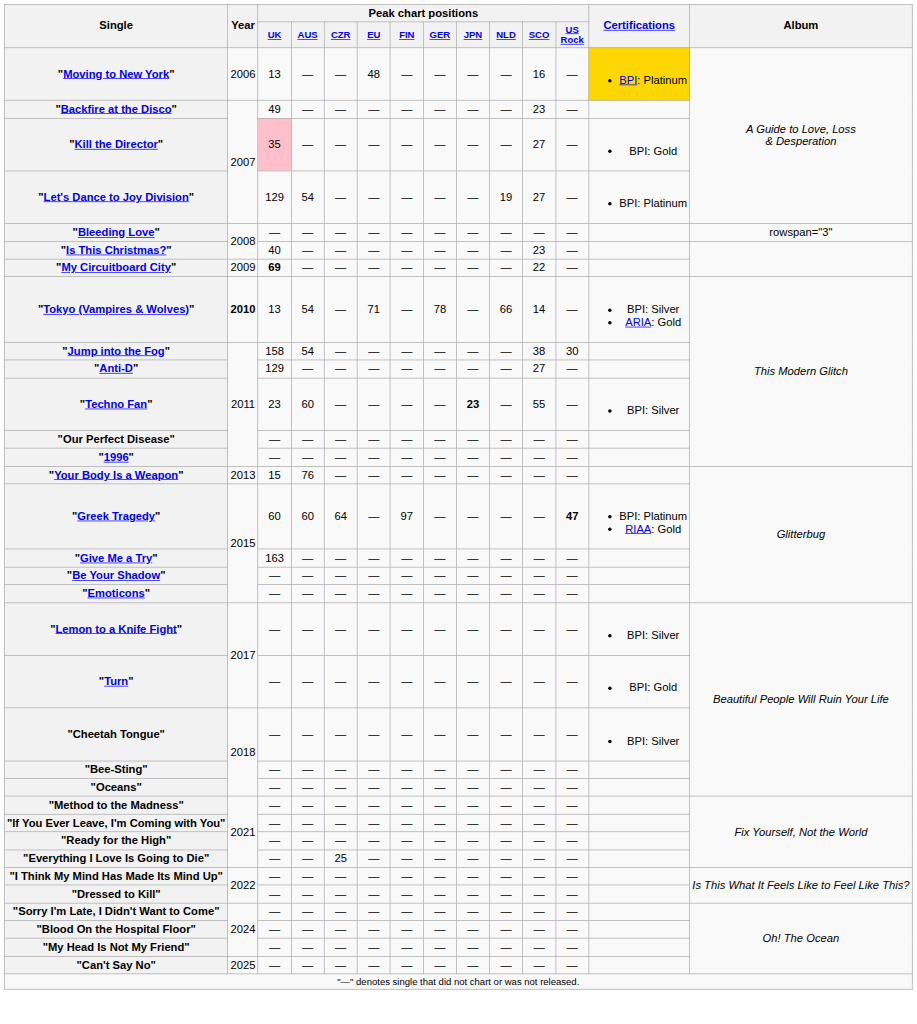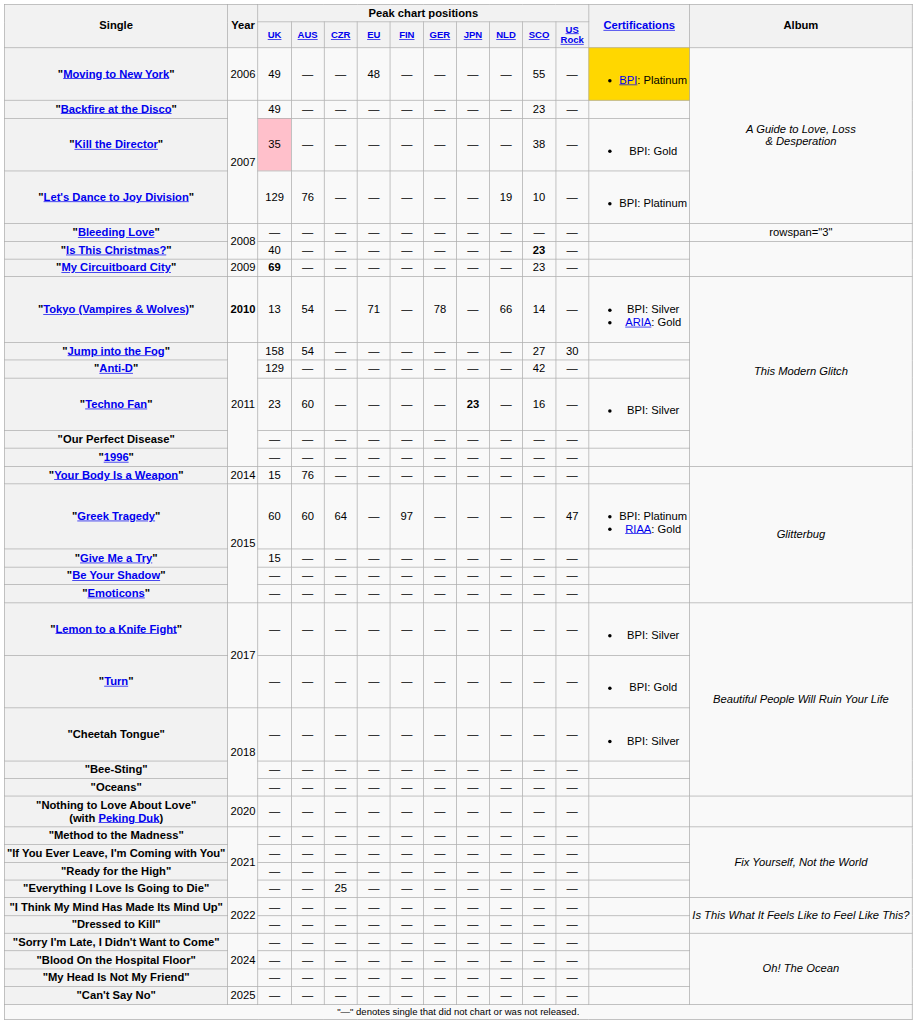 <table class="wikitable plainrowheaders" style="text-align:center;">
 <tr>
 <th scope="col" rowspan="2">Single</th>
 <th scope="col" rowspan="2">Year</th>
 <th scope="col" colspan="10">Peak chart positions</th>
 <th scope="col" rowspan="2"><a href='#'>Certifications</a></th>
 <th scope="col" rowspan="2">Album</th>
 </tr>
 <tr>
 <th scope="col" style="width:3em;font-size:85%;"><a href='#'>UK</a><br></th>
 <th scope="col" style="width:3em;font-size:85%;"><a href='#'>AUS</a><br></th>
 <th scope="col" style="width:3em;font-size:85%;"><a href='#'>CZR</a><br></th>
 <th scope="col" style="width:3em;font-size:85%;"><a href='#'>EU</a><br></th>
 <th scope="col" style="width:3em;font-size:85%;"><a href='#'>FIN</a><br></th>
 <th scope="col" style="width:3em;font-size:85%;"><a href='#'>GER</a><br></th>
 <th scope="col" style="width:3em;font-size:85%;"><a href='#'>JPN</a><br></th>
 <th scope="col" style="width:3em;font-size:85%;"><a href='#'>NLD</a><br></th>
 <th scope="col" style="width:3em;font-size:85%;"><a href='#'>SCO</a><br></th>
 <th scope="col" style="width:3em;font-size:85%;"><a href='#'>US Rock</a><br></th>
 </tr>
 <tr>
 <th scope="row">"<a href='#'>Moving to New York</a>"</th>
 <td>2006</td>
-<td>13</td>
+<td>49</td>
 <td>—</td>
 <td>—</td>
 <td>48</td>
 <td>—</td>
 <td>—</td>
 <td>—</td>
 <td>—</td>
-<td>16</td>
+<td>55</td>
 <td>—</td>
 <td style="background: gold;"><br><ul><li><a href='#'>BPI</a>: Platinum</li></ul></td>
 <td rowspan="4"><em>A Guide to Love, Loss<br>& Desperation</em></td>
 </tr>
 <tr>
 <th scope="row">"<a href='#'>Backfire at the Disco</a>"</th>
 <td rowspan="3">2007</td>
 <td>49</td>
 <td>—</td>
 <td>—</td>
 <td>—</td>
 <td>—</td>
 <td>—</td>
 <td>—</td>
 <td>—</td>
 <td>23</td>
 <td>—</td>
 <td></td>
 </tr>
 <tr>
 <th scope="row">"<a href='#'>Kill the Director</a>"</th>
 <td style="background: pink;">35</td>
 <td>—</td>
 <td>—</td>
 <td>—</td>
 <td>—</td>
 <td>—</td>
 <td>—</td>
 <td>—</td>
-<td>27</td>
+<td>38</td>
 <td>—</td>
 <td><br><ul><li>BPI: Gold</li></ul></td>
 </tr>
 <tr>
 <th scope="row">"<a href='#'>Let's Dance to Joy Division</a>"</th>
 <td>129</td>
-<td>54</td>
+<td>76</td>
 <td>—</td>
 <td>—</td>
 <td>—</td>
 <td>—</td>
 <td>—</td>
 <td>19</td>
-<td>27</td>
+<td>10</td>
 <td>—</td>
 <td><br><ul><li>BPI: Platinum</li></ul></td>
 </tr>
 <tr>
 <th scope="row">"<a href='#'>Bleeding Love</a>"</th>
 <td rowspan="2">2008</td>
 <td>—</td>
 <td>—</td>
 <td>—</td>
 <td>—</td>
 <td>—</td>
 <td>—</td>
 <td>—</td>
 <td>—</td>
 <td>—</td>
 <td>—</td>
 <td></td>
 <td>rowspan="3" </td>
 </tr>
 <tr>
 <th scope="row">"<a href='#'>Is This Christmas?</a>"</th>
 <td>40</td>
 <td>—</td>
 <td>—</td>
 <td>—</td>
 <td>—</td>
 <td>—</td>
 <td>—</td>
 <td>—</td>
-<td>23</td>
+<td><strong>23</strong></td>
 <td>—</td>
 <td></td>
 </tr>
 <tr>
 <th scope="row">"<a href='#'>My Circuitboard City</a>"</th>
 <td>2009</td>
 <td><strong>69</strong></td>
 <td>—</td>
 <td>—</td>
 <td>—</td>
 <td>—</td>
 <td>—</td>
 <td>—</td>
 <td>—</td>
-<td>22</td>
+<td>23</td>
 <td>—</td>
 <td></td>
 </tr>
 <tr>
 <th scope="row">"<a href='#'>Tokyo (Vampires & Wolves)</a>"</th>
 <td><strong>2010</strong></td>
 <td>13</td>
 <td>54</td>
 <td>—</td>
 <td>71</td>
 <td>—</td>
 <td>78</td>
 <td>—</td>
 <td>66</td>
 <td>14</td>
 <td>—</td>
 <td><br><ul><li>BPI: Silver</li><li><a href='#'>ARIA</a>: Gold</li></ul></td>
 <td rowspan="6"><em>This Modern Glitch</em></td>
 </tr>
 <tr>
 <th scope="row">"<a href='#'>Jump into the Fog</a>"</th>
 <td rowspan="5">2011</td>
 <td>158</td>
 <td>54</td>
 <td>—</td>
 <td>—</td>
 <td>—</td>
 <td>—</td>
 <td>—</td>
 <td>—</td>
-<td>38</td>
+<td>27</td>
 <td>30</td>
 <td></td>
 </tr>
 <tr>
 <th scope="row">"<a href='#'>Anti-D</a>"</th>
 <td>129</td>
 <td>—</td>
 <td>—</td>
 <td>—</td>
 <td>—</td>
 <td>—</td>
 <td>—</td>
 <td>—</td>
-<td>27</td>
+<td>42</td>
 <td>—</td>
 <td></td>
 </tr>
 <tr>
 <th scope="row">"<a href='#'>Techno Fan</a>"</th>
 <td>23</td>
 <td>60</td>
 <td>—</td>
 <td>—</td>
 <td>—</td>
 <td>—</td>
 <td><strong>23</strong></td>
 <td>—</td>
-<td>55</td>
+<td>16</td>
 <td>—</td>
 <td><br><ul><li>BPI: Silver</li></ul></td>
 </tr>
 <tr>
 <th scope="row">"Our Perfect Disease"</th>
 <td>—</td>
 <td>—</td>
 <td>—</td>
 <td>—</td>
 <td>—</td>
 <td>—</td>
 <td>—</td>
 <td>—</td>
 <td>—</td>
 <td>—</td>
 <td></td>
 </tr>
 <tr>
 <th scope="row">"<a href='#'>1996</a>"</th>
 <td>—</td>
 <td>—</td>
 <td>—</td>
 <td>—</td>
 <td>—</td>
 <td>—</td>
 <td>—</td>
 <td>—</td>
 <td>—</td>
 <td>—</td>
 <td></td>
 </tr>
 <tr>
 <th scope="row">"<a href='#'>Your Body Is a Weapon</a>"</th>
-<td>2013</td>
+<td>2014</td>
 <td>15</td>
 <td>76</td>
 <td>—</td>
 <td>—</td>
 <td>—</td>
 <td>—</td>
 <td>—</td>
 <td>—</td>
 <td>—</td>
 <td>—</td>
 <td></td>
 <td rowspan="5"><em>Glitterbug</em></td>
 </tr>
 <tr>
 <th scope="row">"<a href='#'>Greek Tragedy</a>"</th>
 <td rowspan="4">2015</td>
 <td>60</td>
 <td>60</td>
 <td>64</td>
 <td>—</td>
 <td>97</td>
 <td>—</td>
 <td>—</td>
 <td>—</td>
 <td>—</td>
-<td><strong>47</strong></td>
+<td>47</td>
 <td><br><ul><li>BPI: Platinum</li><li><a href='#'>RIAA</a>: Gold</li></ul></td>
 </tr>
 <tr>
 <th scope="row">"<a href='#'>Give Me a Try</a>"</th>
-<td>163</td>
+<td>15</td>
 <td>—</td>
 <td>—</td>
 <td>—</td>
 <td>—</td>
 <td>—</td>
 <td>—</td>
 <td>—</td>
 <td>—</td>
 <td>—</td>
 <td></td>
 </tr>
 <tr>
 <th scope="row">"<a href='#'>Be Your Shadow</a>"</th>
 <td>—</td>
 <td>—</td>
 <td>—</td>
 <td>—</td>
 <td>—</td>
 <td>—</td>
 <td>—</td>
 <td>—</td>
 <td>—</td>
 <td>—</td>
 <td></td>
 </tr>
 <tr>
 <th scope="row">"<a href='#'>Emoticons</a>"</th>
 <td>—</td>
 <td>—</td>
 <td>—</td>
 <td>—</td>
 <td>—</td>
 <td>—</td>
 <td>—</td>
 <td>—</td>
 <td>—</td>
 <td>—</td>
 <td></td>
 </tr>
 <tr>
 <th scope="row">"<a href='#'>Lemon to a Knife Fight</a>"</th>
 <td rowspan="2">2017</td>
 <td>—</td>
 <td>—</td>
 <td>—</td>
 <td>—</td>
 <td>—</td>
 <td>—</td>
 <td>—</td>
 <td>—</td>
 <td>—</td>
 <td>—</td>
 <td><br><ul><li>BPI: Silver</li></ul></td>
 <td rowspan="5"><em>Beautiful People Will Ruin Your Life</em></td>
 </tr>
 <tr>
 <th scope="row">"<a href='#'>Turn</a>"</th>
 <td>—</td>
 <td>—</td>
 <td>—</td>
 <td>—</td>
 <td>—</td>
 <td>—</td>
 <td>—</td>
 <td>—</td>
 <td>—</td>
 <td>—</td>
 <td><br><ul><li>BPI: Gold</li></ul></td>
 </tr>
 <tr>
 <th scope="row">"Cheetah Tongue"</th>
 <td rowspan="3">2018</td>
 <td>—</td>
 <td>—</td>
 <td>—</td>
 <td>—</td>
 <td>—</td>
 <td>—</td>
 <td>—</td>
 <td>—</td>
 <td>—</td>
 <td>—</td>
 <td><br><ul><li>BPI: Silver</li></ul></td>
 </tr>
 <tr>
 <th scope="row">"Bee-Sting"</th>
 <td>—</td>
 <td>—</td>
 <td>—</td>
 <td>—</td>
 <td>—</td>
 <td>—</td>
 <td>—</td>
 <td>—</td>
 <td>—</td>
 <td>—</td>
 <td></td>
 </tr>
 <tr>
 <th scope="row">"Oceans"</th>
 <td>—</td>
 <td>—</td>
 <td>—</td>
 <td>—</td>
 <td>—</td>
 <td>—</td>
 <td>—</td>
 <td>—</td>
 <td>—</td>
 <td>—</td>
+<td></td>
+</tr>
+<tr>
+<th scope="row">"Nothing to Love About Love"<br><span>(with <a href='#'>Peking Duk</a>)</span></th>
+<td>2020</td>
+<td>—</td>
+<td>—</td>
+<td>—</td>
+<td>—</td>
+<td>—</td>
+<td>—</td>
+<td>—</td>
+<td>—</td>
+<td>—</td>
+<td>—</td>
+<td></td>
 <td></td>
 </tr>
 <tr>
 <th scope="row">"Method to the Madness"</th>
 <td rowspan="4">2021</td>
 <td>—</td>
 <td>—</td>
 <td>—</td>
 <td>—</td>
 <td>—</td>
 <td>—</td>
 <td>—</td>
 <td>—</td>
 <td>—</td>
 <td>—</td>
 <td></td>
 <td rowspan="4"><em>Fix Yourself, Not the World</em></td>
 </tr>
 <tr>
 <th scope="row">"If You Ever Leave, I'm Coming with You"</th>
 <td>—</td>
 <td>—</td>
 <td>—</td>
 <td>—</td>
 <td>—</td>
 <td>—</td>
 <td>—</td>
 <td>—</td>
 <td>—</td>
 <td>—</td>
 <td></td>
 </tr>
 <tr>
 <th scope="row">"Ready for the High"</th>
 <td>—</td>
 <td>—</td>
 <td>—</td>
 <td>—</td>
 <td>—</td>
 <td>—</td>
 <td>—</td>
 <td>—</td>
 <td>—</td>
 <td>—</td>
 <td></td>
 </tr>
 <tr>
 <th scope="row">"Everything I Love Is Going to Die"</th>
 <td>—</td>
 <td>—</td>
 <td>25</td>
 <td>—</td>
 <td>—</td>
 <td>—</td>
 <td>—</td>
 <td>—</td>
 <td>—</td>
 <td>—</td>
 <td></td>
 </tr>
 <tr>
 <th scope="row">"I Think My Mind Has Made Its Mind Up"</th>
 <td rowspan="2">2022</td>
 <td>—</td>
 <td>—</td>
 <td>—</td>
 <td>—</td>
 <td>—</td>
 <td>—</td>
 <td>—</td>
 <td>—</td>
 <td>—</td>
 <td>—</td>
 <td></td>
 <td rowspan="2"><em>Is This What It Feels Like to Feel Like This?</em></td>
 </tr>
 <tr>
 <th scope="row">"Dressed to Kill"</th>
 <td>—</td>
 <td>—</td>
 <td>—</td>
 <td>—</td>
 <td>—</td>
 <td>—</td>
 <td>—</td>
 <td>—</td>
 <td>—</td>
 <td>—</td>
 <td></td>
 </tr>
 <tr>
 <th scope="row">"Sorry I'm Late, I Didn't Want to Come"</th>
 <td rowspan="3">2024</td>
 <td>—</td>
 <td>—</td>
 <td>—</td>
 <td>—</td>
 <td>—</td>
 <td>—</td>
 <td>—</td>
 <td>—</td>
 <td>—</td>
 <td>—</td>
 <td></td>
 <td rowspan="4"><em>Oh! The Ocean</em></td>
 </tr>
 <tr>
 <th scope="row">"Blood On the Hospital Floor"</th>
 <td>—</td>
 <td>—</td>
 <td>—</td>
 <td>—</td>
 <td>—</td>
 <td>—</td>
 <td>—</td>
 <td>—</td>
 <td>—</td>
 <td>—</td>
 <td></td>
 </tr>
 <tr>
 <th scope="row">"My Head Is Not My Friend"</th>
 <td>—</td>
 <td>—</td>
 <td>—</td>
 <td>—</td>
 <td>—</td>
 <td>—</td>
 <td>—</td>
 <td>—</td>
 <td>—</td>
 <td>—</td>
 <td></td>
 </tr>
 <tr>
 <th scope="row">"Can't Say No"</th>
 <td>2025</td>
 <td>—</td>
 <td>—</td>
 <td>—</td>
 <td>—</td>
 <td>—</td>
 <td>—</td>
 <td>—</td>
 <td>—</td>
 <td>—</td>
 <td>—</td>
 <td></td>
 </tr>
 <tr>
 <td colspan="14" style="font-size:85%">"—" denotes single that did not chart or was not released.</td>
 </tr>
 </table>
